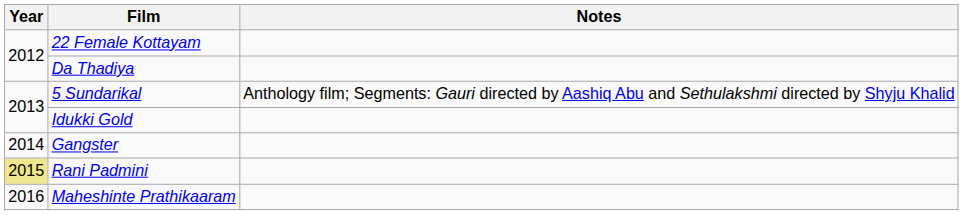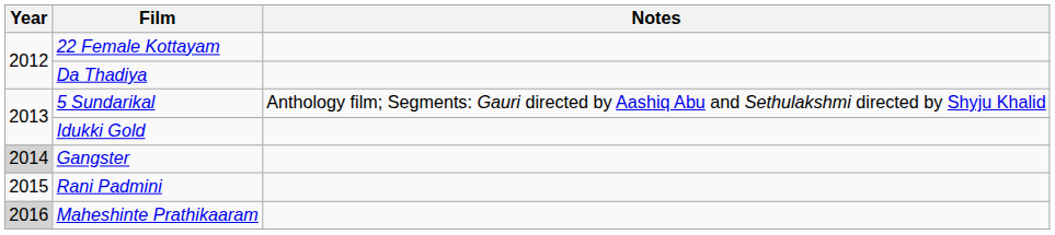 <table class="wikitable">
 <tr>
 <th>Year</th>
 <th>Film</th>
 <th>Notes</th>
 </tr>
 <tr>
 <td rowspan=2>2012</td>
 <td><em><a href='#'>22 Female Kottayam</a></em></td>
 <td></td>
 </tr>
 <tr>
 <td><em><a href='#'>Da Thadiya</a></em></td>
 <td></td>
 </tr>
 <tr>
 <td rowspan=2>2013</td>
 <td><em><a href='#'>5 Sundarikal</a></em></td>
 <td>Anthology film; Segments: <em>Gauri</em> directed by <a href='#'>Aashiq Abu</a> and <em>Sethulakshmi</em> directed by <a href='#'>Shyju Khalid</a></td>
 </tr>
 <tr>
 <td><a href='#'><em>Idukki Gold</em></a></td>
 <td></td>
 </tr>
 <tr>
-<td>2014</td>
+<td style="background: lightgrey;">2014</td>
 <td><a href='#'><em>Gangster</em></a></td>
 <td></td>
 </tr>
 <tr>
-<td style="background: khaki;">2015</td>
+<td>2015</td>
 <td><a href='#'><em>Rani Padmini</em></a></td>
 <td></td>
 </tr>
 <tr>
-<td>2016</td>
+<td style="background: lightgrey;">2016</td>
 <td><em><a href='#'>Maheshinte Prathikaaram</a></em></td>
 <td></td>
 </tr>
 <tr>
 </tr>
 </table>
